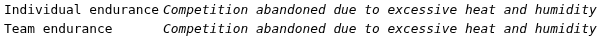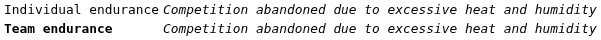 <table>
 <tr>
 <td>Individual endurance<br></td>
 <td colspan=3 align=center><em>Competition abandoned due to excessive heat and humidity</em></td>
 </tr>
 <tr>
-<td>Team endurance<br></td>
+<td><strong>Team endurance<br></strong></td>
 <td colspan=3 align=center><em>Competition abandoned due to excessive heat and humidity</em></td>
 </tr>
 </table>
